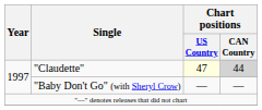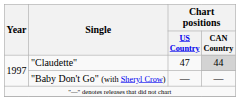 <table class="wikitable" style="text-align:center;">
 <tr>
 <th rowspan="2">Year</th>
 <th rowspan="2">Single</th>
 <th colspan="2">Chart positions</th>
 </tr>
 <tr style="font-size:smaller;">
 <th width="45"><a href='#'>US Country</a></th>
 <th width="45">CAN Country</th>
 </tr>
 <tr>
 <td rowspan="2">1997</td>
 <td align="left">"Claudette"</td>
-<td style="background: lightyellow;">47</td>
+<td>47</td>
 <td style="background: lightgrey;">44</td>
 </tr>
 <tr>
 <td align="left">"Baby Don't Go" <small>(with <a href='#'>Sheryl Crow</a>)</small></td>
 <td>—</td>
 <td>—</td>
 </tr>
 <tr>
 <td colspan="5" style="font-size:8pt">"—" denotes releases that did not chart</td>
 </tr>
 <tr>
 </tr>
 </table>
